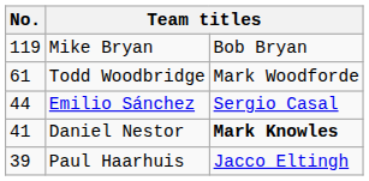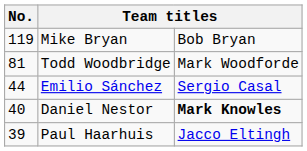 <table class="wikitable" style="display: inline-table;">
 <tr>
 <th>No.</th>
 <th colspan=2>Team titles</th>
 </tr>
 <tr>
 <td>119</td>
 <td> Mike Bryan</td>
 <td> Bob Bryan</td>
 </tr>
 <tr>
-<td>61</td>
+<td>81</td>
 <td> Todd Woodbridge</td>
 <td> Mark Woodforde</td>
 </tr>
 <tr>
 <td>44</td>
 <td> <a href='#'>Emilio Sánchez</a></td>
 <td> <a href='#'>Sergio Casal</a></td>
 </tr>
 <tr>
-<td>41</td>
+<td>40</td>
 <td> Daniel Nestor</td>
 <td><strong> Mark Knowles</strong></td>
 </tr>
 <tr>
 <td>39</td>
 <td> Paul Haarhuis</td>
 <td> <a href='#'>Jacco Eltingh</a></td>
 </tr>
 </table>
